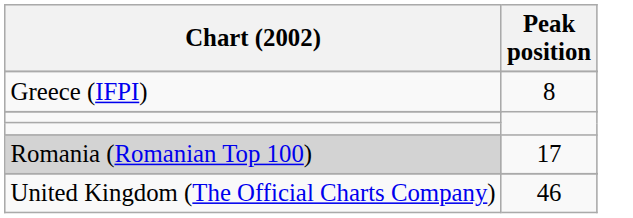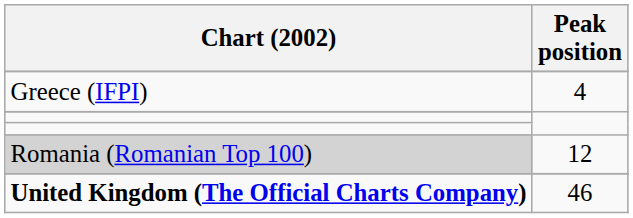 <table class="wikitable sortable">
 <tr>
 <th>Chart (2002)</th>
 <th>Peak<br>position</th>
 </tr>
 <tr>
 </tr>
 <tr>
 </tr>
 <tr>
 </tr>
 <tr>
 <td align="left">Greece (<a href='#'>IFPI</a>)</td>
-<td align="center">8</td>
+<td align="center">4</td>
 </tr>
 <tr>
 </tr>
 <tr>
 </tr>
 <tr>
 <td></td>
 </tr>
 <tr>
 <td></td>
 </tr>
 <tr>
 <td align="left" style="background: lightgrey;">Romania (<a href='#'>Romanian Top 100</a>)</td>
-<td align="center">17</td>
+<td align="center">12</td>
 </tr>
 <tr>
 </tr>
 <tr>
 </tr>
 <tr>
-<td>United Kingdom (<a href='#'>The Official Charts Company</a>)</td>
+<td><strong>United Kingdom (<a href='#'>The Official Charts Company</a>)</strong></td>
 <td align="center">46</td>
 </tr>
 </table>
